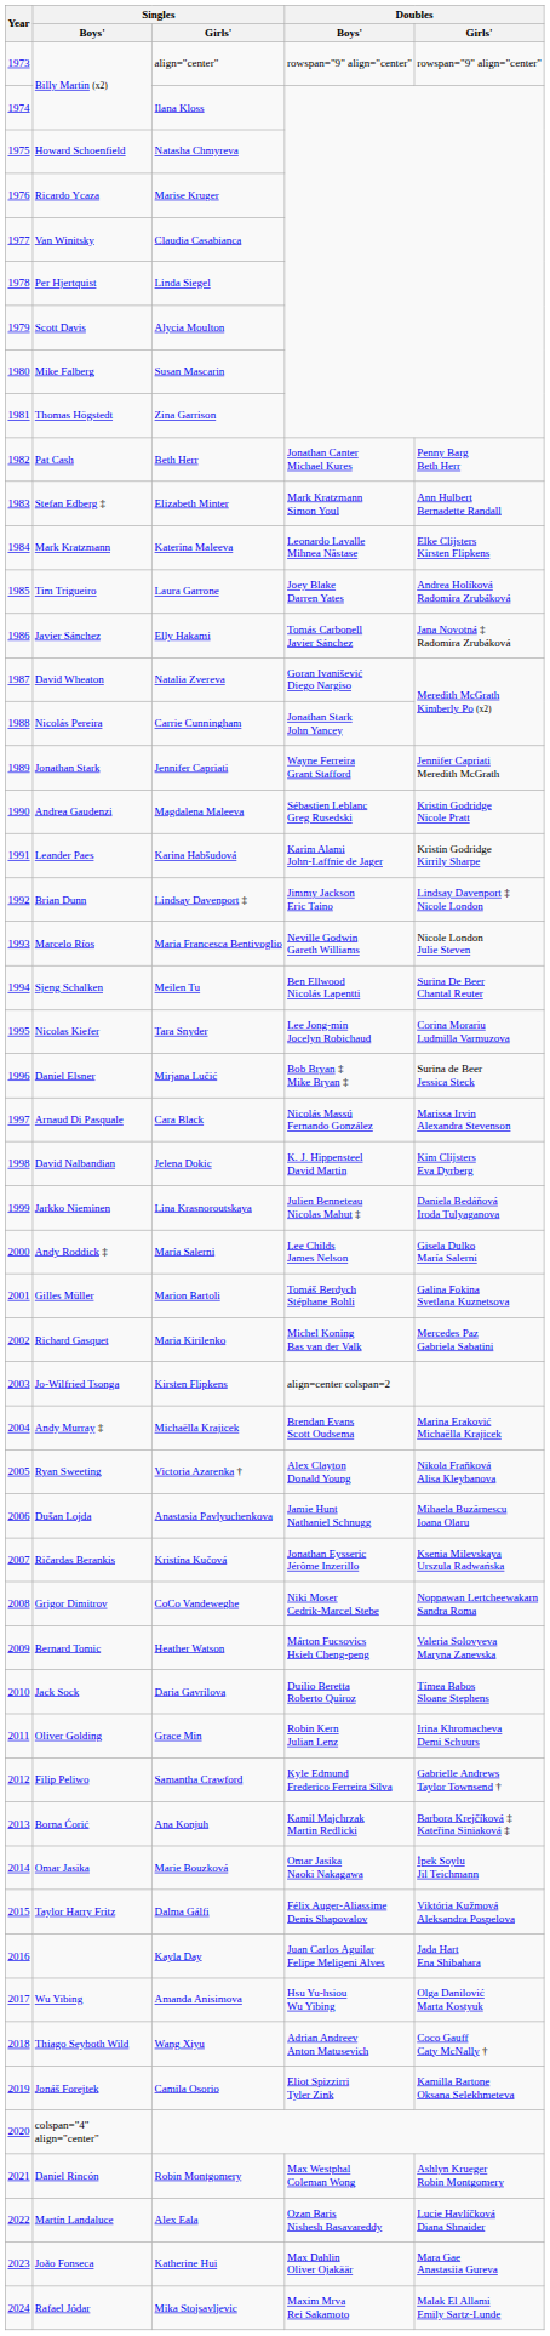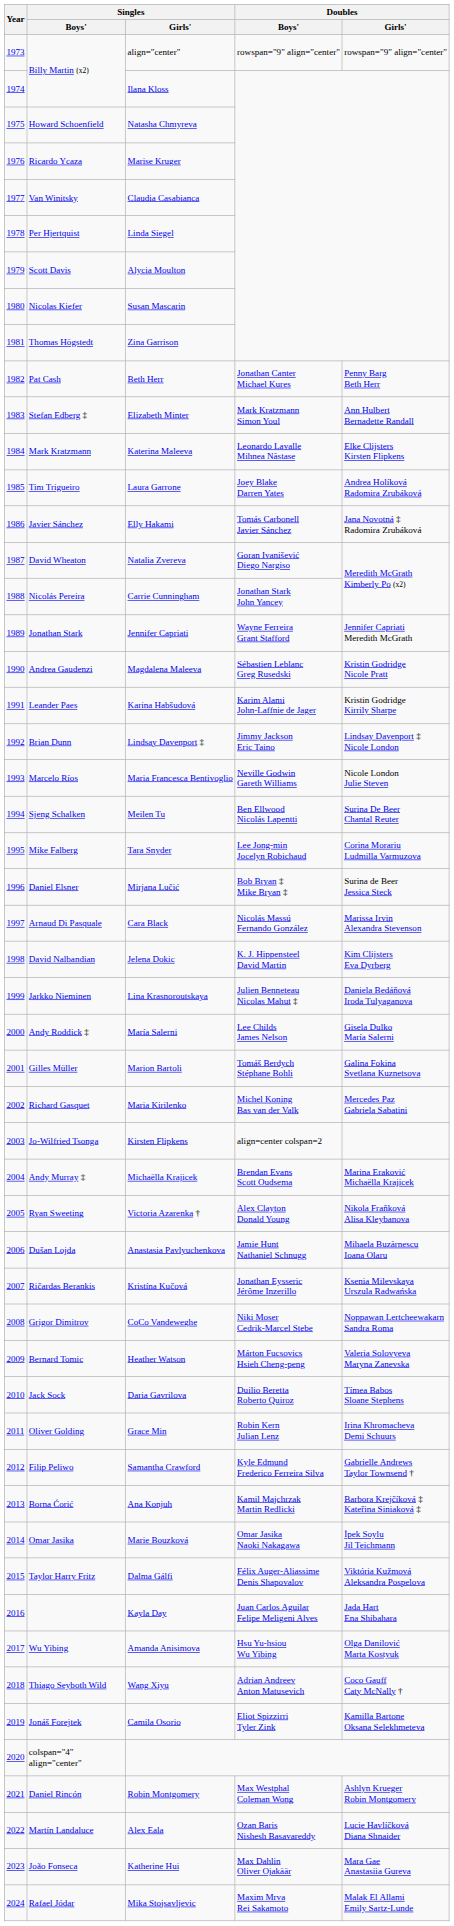 <table class="wikitable" style="font-size: 90%">
 <tr>
 <th rowspan=2>Year</th>
 <th colspan=2>Singles</th>
 <th colspan=2>Doubles</th>
 </tr>
 <tr>
 <th width=150>Boys'</th>
 <th>Girls'</th>
 <th>Boys'</th>
 <th>Girls'</th>
 </tr>
 <tr style=height:4em>
 <td><a href='#'>1973</a></td>
 <td rowspan="2"> <a href='#'>Billy Martin</a> <small>(x2)</small></td>
 <td>align="center" </td>
 <td>rowspan="9" align="center" </td>
 <td>rowspan="9" align="center" </td>
 </tr>
 <tr style=height:4em>
 <td><a href='#'>1974</a></td>
 <td> <a href='#'>Ilana Kloss</a></td>
 </tr>
 <tr style=height:4em>
 <td><a href='#'>1975</a></td>
 <td> <a href='#'>Howard Schoenfield</a></td>
 <td> <a href='#'>Natasha Chmyreva</a></td>
 </tr>
 <tr style=height:4em>
 <td><a href='#'>1976</a></td>
 <td> <a href='#'>Ricardo Ycaza</a></td>
 <td> <a href='#'>Marise Kruger</a></td>
 </tr>
 <tr style=height:4em>
 <td><a href='#'>1977</a></td>
 <td> <a href='#'>Van Winitsky</a></td>
 <td> <a href='#'>Claudia Casabianca</a></td>
 </tr>
 <tr style=height:4em>
 <td><a href='#'>1978</a></td>
 <td> <a href='#'>Per Hjertquist</a></td>
 <td> <a href='#'>Linda Siegel</a></td>
 </tr>
 <tr style=height:4em>
 <td><a href='#'>1979</a></td>
 <td> <a href='#'>Scott Davis</a></td>
 <td> <a href='#'>Alycia Moulton</a></td>
 </tr>
 <tr style=height:4em>
 <td><a href='#'>1980</a></td>
-<td> <a href='#'>Mike Falberg</a></td>
+<td> <a href='#'>Nicolas Kiefer</a></td>
 <td> <a href='#'>Susan Mascarin</a></td>
 </tr>
 <tr style=height:4em>
 <td><a href='#'>1981</a></td>
 <td> <a href='#'>Thomas Högstedt</a></td>
 <td> <a href='#'>Zina Garrison</a></td>
 </tr>
 <tr style=height:4em>
 <td><a href='#'>1982</a></td>
 <td> <a href='#'>Pat Cash</a></td>
 <td> <a href='#'>Beth Herr</a></td>
 <td> <a href='#'>Jonathan Canter</a><br> <a href='#'>Michael Kures</a></td>
 <td> <a href='#'>Penny Barg</a><br> <a href='#'>Beth Herr</a></td>
 </tr>
 <tr style=height:4em>
 <td><a href='#'>1983</a></td>
 <td> <a href='#'>Stefan Edberg</a> ‡</td>
 <td> <a href='#'>Elizabeth Minter</a></td>
 <td> <a href='#'>Mark Kratzmann</a><br> <a href='#'>Simon Youl</a></td>
 <td> <a href='#'>Ann Hulbert</a><br> <a href='#'>Bernadette Randall</a></td>
 </tr>
 <tr style=height:4em>
 <td><a href='#'>1984</a></td>
 <td> <a href='#'>Mark Kratzmann</a></td>
 <td> <a href='#'>Katerina Maleeva</a></td>
 <td> <a href='#'>Leonardo Lavalle</a><br> <a href='#'>Mihnea Năstase</a></td>
 <td> <a href='#'>Elke Clijsters</a><br> <a href='#'>Kirsten Flipkens</a></td>
 </tr>
 <tr style=height:4em>
 <td><a href='#'>1985</a></td>
 <td> <a href='#'>Tim Trigueiro</a></td>
 <td> <a href='#'>Laura Garrone</a></td>
 <td> <a href='#'>Joey Blake</a><br> <a href='#'>Darren Yates</a></td>
 <td> <a href='#'>Andrea Holíková</a><br> <a href='#'>Radomira Zrubáková</a></td>
 </tr>
 <tr style=height:4em>
 <td><a href='#'>1986</a></td>
 <td> <a href='#'>Javier Sánchez</a></td>
 <td> <a href='#'>Elly Hakami</a></td>
 <td> <a href='#'>Tomás Carbonell</a><br> <a href='#'>Javier Sánchez</a></td>
 <td> <a href='#'>Jana Novotná</a> ‡<br> Radomira Zrubáková</td>
 </tr>
 <tr style=height:4em>
 <td><a href='#'>1987</a></td>
 <td> <a href='#'>David Wheaton</a></td>
 <td> <a href='#'>Natalia Zvereva</a></td>
 <td> <a href='#'>Goran Ivanišević</a><br> <a href='#'>Diego Nargiso</a></td>
 <td rowspan=2> <a href='#'>Meredith McGrath</a><br> <a href='#'>Kimberly Po</a> <small>(x2)</small></td>
 </tr>
 <tr style=height:4em>
 <td><a href='#'>1988</a></td>
 <td> <a href='#'>Nicolás Pereira</a></td>
 <td> <a href='#'>Carrie Cunningham</a></td>
 <td> <a href='#'>Jonathan Stark</a><br> <a href='#'>John Yancey</a></td>
 </tr>
 <tr style=height:4em>
 <td><a href='#'>1989</a></td>
 <td> <a href='#'>Jonathan Stark</a></td>
 <td> <a href='#'>Jennifer Capriati</a></td>
 <td> <a href='#'>Wayne Ferreira</a><br> <a href='#'>Grant Stafford</a></td>
 <td> <a href='#'>Jennifer Capriati</a><br> Meredith McGrath</td>
 </tr>
 <tr style=height:4em>
 <td><a href='#'>1990</a></td>
 <td> <a href='#'>Andrea Gaudenzi</a></td>
 <td> <a href='#'>Magdalena Maleeva</a></td>
 <td> <a href='#'>Sébastien Leblanc</a><br> <a href='#'>Greg Rusedski</a></td>
 <td> <a href='#'>Kristin Godridge</a><br> <a href='#'>Nicole Pratt</a></td>
 </tr>
 <tr style=height:4em>
 <td><a href='#'>1991</a></td>
 <td> <a href='#'>Leander Paes</a></td>
 <td> <a href='#'>Karina Habšudová</a></td>
 <td> <a href='#'>Karim Alami</a><br> <a href='#'>John-Laffnie de Jager</a></td>
 <td> Kristin Godridge<br> <a href='#'>Kirrily Sharpe</a></td>
 </tr>
 <tr style=height:4em>
 <td><a href='#'>1992</a></td>
 <td> <a href='#'>Brian Dunn</a></td>
 <td> <a href='#'>Lindsay Davenport</a> ‡</td>
 <td> <a href='#'>Jimmy Jackson</a><br> <a href='#'>Eric Taino</a></td>
 <td> <a href='#'>Lindsay Davenport</a> ‡<br> <a href='#'>Nicole London</a></td>
 </tr>
 <tr style=height:4em>
 <td><a href='#'>1993</a></td>
 <td> <a href='#'>Marcelo Ríos</a></td>
 <td> <a href='#'>Maria Francesca Bentivoglio</a></td>
 <td> <a href='#'>Neville Godwin</a><br> <a href='#'>Gareth Williams</a></td>
 <td> Nicole London<br> <a href='#'>Julie Steven</a></td>
 </tr>
 <tr style=height:4em>
 <td><a href='#'>1994</a></td>
 <td> <a href='#'>Sjeng Schalken</a></td>
 <td> <a href='#'>Meilen Tu</a></td>
 <td> <a href='#'>Ben Ellwood</a><br> <a href='#'>Nicolás Lapentti</a></td>
 <td> <a href='#'>Surina De Beer</a><br> <a href='#'>Chantal Reuter</a></td>
 </tr>
 <tr style=height:4em>
 <td><a href='#'>1995</a></td>
-<td> <a href='#'>Nicolas Kiefer</a></td>
+<td> <a href='#'>Mike Falberg</a></td>
 <td> <a href='#'>Tara Snyder</a></td>
 <td> <a href='#'>Lee Jong-min</a><br> <a href='#'>Jocelyn Robichaud</a></td>
 <td> <a href='#'>Corina Morariu</a><br> <a href='#'>Ludmilla Varmuzova</a></td>
 </tr>
 <tr style=height:4em>
 <td><a href='#'>1996</a></td>
 <td> <a href='#'>Daniel Elsner</a></td>
 <td> <a href='#'>Mirjana Lučić</a></td>
 <td> <a href='#'>Bob Bryan</a> ‡<br> <a href='#'>Mike Bryan</a> ‡</td>
 <td> Surina de Beer<br> <a href='#'>Jessica Steck</a></td>
 </tr>
 <tr style=height:4em>
 <td><a href='#'>1997</a></td>
 <td> <a href='#'>Arnaud Di Pasquale</a></td>
 <td> <a href='#'>Cara Black</a></td>
 <td> <a href='#'>Nicolás Massú</a><br> <a href='#'>Fernando González</a></td>
 <td> <a href='#'>Marissa Irvin</a><br> <a href='#'>Alexandra Stevenson</a></td>
 </tr>
 <tr style=height:4em>
 <td><a href='#'>1998</a></td>
 <td> <a href='#'>David Nalbandian</a></td>
 <td> <a href='#'>Jelena Dokic</a></td>
 <td> <a href='#'>K. J. Hippensteel</a><br> <a href='#'>David Martin</a></td>
 <td> <a href='#'>Kim Clijsters</a><br> <a href='#'>Eva Dyrberg</a></td>
 </tr>
 <tr style=height:4em>
 <td><a href='#'>1999</a></td>
 <td> <a href='#'>Jarkko Nieminen</a></td>
 <td> <a href='#'>Lina Krasnoroutskaya</a></td>
 <td> <a href='#'>Julien Benneteau</a><br> <a href='#'>Nicolas Mahut</a> ‡</td>
 <td> <a href='#'>Daniela Bedáňová</a><br> <a href='#'>Iroda Tulyaganova</a></td>
 </tr>
 <tr style=height:4em>
 <td><a href='#'>2000</a></td>
 <td> <a href='#'>Andy Roddick</a> ‡</td>
 <td> <a href='#'>María Salerni</a></td>
 <td> <a href='#'>Lee Childs</a><br> <a href='#'>James Nelson</a></td>
 <td> <a href='#'>Gisela Dulko</a><br> <a href='#'>María Salerni</a></td>
 </tr>
 <tr style=height:4em>
 <td><a href='#'>2001</a></td>
 <td> <a href='#'>Gilles Müller</a></td>
 <td> <a href='#'>Marion Bartoli</a></td>
 <td> <a href='#'>Tomáš Berdych</a><br> <a href='#'>Stéphane Bohli</a></td>
 <td> <a href='#'>Galina Fokina</a><br> <a href='#'>Svetlana Kuznetsova</a></td>
 </tr>
 <tr style=height:4em>
 <td><a href='#'>2002</a></td>
 <td> <a href='#'>Richard Gasquet</a></td>
 <td> <a href='#'>Maria Kirilenko</a></td>
 <td> <a href='#'>Michel Koning</a><br> <a href='#'>Bas van der Valk</a></td>
 <td> <a href='#'>Mercedes Paz</a><br> <a href='#'>Gabriela Sabatini</a></td>
 </tr>
 <tr style=height:4em>
 <td><a href='#'>2003</a></td>
 <td> <a href='#'>Jo-Wilfried Tsonga</a></td>
 <td> <a href='#'>Kirsten Flipkens</a></td>
 <td>align=center colspan=2</td>
 </tr>
 <tr style=height:4em>
 <td><a href='#'>2004</a></td>
 <td> <a href='#'>Andy Murray</a> ‡</td>
 <td> <a href='#'>Michaëlla Krajicek</a></td>
 <td> <a href='#'>Brendan Evans</a><br> <a href='#'>Scott Oudsema</a></td>
 <td> <a href='#'>Marina Eraković</a><br> <a href='#'>Michaëlla Krajicek</a></td>
 </tr>
 <tr style=height:4em>
 <td><a href='#'>2005</a></td>
 <td> <a href='#'>Ryan Sweeting</a></td>
 <td> <a href='#'>Victoria Azarenka</a> †</td>
 <td> <a href='#'>Alex Clayton</a><br> <a href='#'>Donald Young</a></td>
 <td> <a href='#'>Nikola Fraňková</a><br> <a href='#'>Alisa Kleybanova</a></td>
 </tr>
 <tr style=height:4em>
 <td><a href='#'>2006</a></td>
 <td> <a href='#'>Dušan Lojda</a></td>
 <td> <a href='#'>Anastasia Pavlyuchenkova</a></td>
 <td> <a href='#'>Jamie Hunt</a><br> <a href='#'>Nathaniel Schnugg</a></td>
 <td> <a href='#'>Mihaela Buzărnescu</a><br> <a href='#'>Ioana Olaru</a></td>
 </tr>
 <tr style=height:4em>
 <td><a href='#'>2007</a></td>
 <td> <a href='#'>Ričardas Berankis</a></td>
 <td> <a href='#'>Kristína Kučová</a></td>
 <td> <a href='#'>Jonathan Eysseric</a><br> <a href='#'>Jérôme Inzerillo</a></td>
 <td> <a href='#'>Ksenia Milevskaya</a><br> <a href='#'>Urszula Radwańska</a></td>
 </tr>
 <tr style=height:4em>
 <td><a href='#'>2008</a></td>
 <td> <a href='#'>Grigor Dimitrov</a></td>
 <td> <a href='#'>CoCo Vandeweghe</a></td>
 <td> <a href='#'>Niki Moser</a><br> <a href='#'>Cedrik-Marcel Stebe</a></td>
 <td> <a href='#'>Noppawan Lertcheewakarn</a><br> <a href='#'>Sandra Roma</a></td>
 </tr>
 <tr style=height:4em>
 <td><a href='#'>2009</a></td>
 <td> <a href='#'>Bernard Tomic</a></td>
 <td> <a href='#'>Heather Watson</a></td>
 <td> <a href='#'>Márton Fucsovics</a><br> <a href='#'>Hsieh Cheng-peng</a></td>
 <td> <a href='#'>Valeria Solovyeva</a><br> <a href='#'>Maryna Zanevska</a></td>
 </tr>
 <tr style=height:4em>
 <td><a href='#'>2010</a></td>
 <td> <a href='#'>Jack Sock</a></td>
 <td> <a href='#'>Daria Gavrilova</a></td>
 <td> <a href='#'>Duilio Beretta</a><br> <a href='#'>Roberto Quiroz</a></td>
 <td> <a href='#'>Tímea Babos</a><br> <a href='#'>Sloane Stephens</a></td>
 </tr>
 <tr style=height:4em>
 <td><a href='#'>2011</a></td>
 <td> <a href='#'>Oliver Golding</a></td>
 <td> <a href='#'>Grace Min</a></td>
 <td> <a href='#'>Robin Kern</a><br> <a href='#'>Julian Lenz</a></td>
 <td> <a href='#'>Irina Khromacheva</a><br> <a href='#'>Demi Schuurs</a></td>
 </tr>
 <tr style=height:4em>
 <td><a href='#'>2012</a></td>
 <td> <a href='#'>Filip Peliwo</a></td>
 <td> <a href='#'>Samantha Crawford</a></td>
 <td> <a href='#'>Kyle Edmund</a><br> <a href='#'>Frederico Ferreira Silva</a></td>
 <td> <a href='#'>Gabrielle Andrews</a><br> <a href='#'>Taylor Townsend</a> †</td>
 </tr>
 <tr style=height:4em>
 <td><a href='#'>2013</a></td>
 <td> <a href='#'>Borna Ćorić</a></td>
 <td> <a href='#'>Ana Konjuh</a></td>
 <td> <a href='#'>Kamil Majchrzak</a><br> <a href='#'>Martin Redlicki</a></td>
 <td> <a href='#'>Barbora Krejčíková</a> ‡<br> <a href='#'>Kateřina Siniaková</a> ‡</td>
 </tr>
 <tr style=height:4em>
 <td><a href='#'>2014</a></td>
 <td> <a href='#'>Omar Jasika</a></td>
 <td> <a href='#'>Marie Bouzková</a></td>
 <td> <a href='#'>Omar Jasika</a><br> <a href='#'>Naoki Nakagawa</a></td>
 <td> <a href='#'>İpek Soylu</a><br> <a href='#'>Jil Teichmann</a></td>
 </tr>
 <tr style=height:4em>
 <td><a href='#'>2015</a></td>
 <td> <a href='#'>Taylor Harry Fritz</a></td>
 <td> <a href='#'>Dalma Gálfi</a></td>
 <td> <a href='#'>Félix Auger-Aliassime</a><br> <a href='#'>Denis Shapovalov</a></td>
 <td> <a href='#'>Viktória Kužmová</a><br> <a href='#'>Aleksandra Pospelova</a></td>
 </tr>
 <tr style=height:4em>
 <td><a href='#'>2016</a></td>
 <td></td>
 <td> <a href='#'>Kayla Day</a></td>
 <td> <a href='#'>Juan Carlos Aguilar</a><br> <a href='#'>Felipe Meligeni Alves</a></td>
 <td> <a href='#'>Jada Hart</a><br> <a href='#'>Ena Shibahara</a></td>
 </tr>
 <tr style=height:4em>
 <td><a href='#'>2017</a></td>
 <td> <a href='#'>Wu Yibing</a></td>
 <td> <a href='#'>Amanda Anisimova</a></td>
 <td> <a href='#'>Hsu Yu-hsiou</a><br> <a href='#'>Wu Yibing</a></td>
 <td> <a href='#'>Olga Danilović</a><br> <a href='#'>Marta Kostyuk</a></td>
 </tr>
 <tr style=height:4em>
 <td><a href='#'>2018</a></td>
 <td> <a href='#'>Thiago Seyboth Wild</a></td>
 <td> <a href='#'>Wang Xiyu</a></td>
 <td> <a href='#'>Adrian Andreev</a><br> <a href='#'>Anton Matusevich</a></td>
 <td> <a href='#'>Coco Gauff</a><br> <a href='#'>Caty McNally</a> †</td>
 </tr>
 <tr style=height:4em>
 <td><a href='#'>2019</a></td>
 <td> <a href='#'>Jonáš Forejtek</a></td>
 <td> <a href='#'>Camila Osorio</a></td>
 <td> <a href='#'>Eliot Spizzirri</a><br> <a href='#'>Tyler Zink</a></td>
 <td> <a href='#'>Kamilla Bartone</a><br> <a href='#'>Oksana Selekhmeteva</a></td>
 </tr>
 <tr style=height:4em>
 <td><a href='#'>2020</a></td>
 <td>colspan="4" align="center" </td>
 </tr>
 <tr style=height:4em>
 <td><a href='#'>2021</a></td>
 <td> <a href='#'>Daniel Rincón</a></td>
 <td> <a href='#'>Robin Montgomery</a></td>
 <td> <a href='#'>Max Westphal</a><br> <a href='#'>Coleman Wong</a></td>
 <td> <a href='#'>Ashlyn Krueger</a><br> <a href='#'>Robin Montgomery</a></td>
 </tr>
 <tr style=height:4em>
 <td><a href='#'>2022</a></td>
 <td> <a href='#'>Martín Landaluce</a></td>
 <td> <a href='#'>Alex Eala</a></td>
 <td> <a href='#'>Ozan Baris</a> <br> <a href='#'>Nishesh Basavareddy</a></td>
 <td> <a href='#'>Lucie Havlíčková</a> <br> <a href='#'>Diana Shnaider</a></td>
 </tr>
 <tr style=height:4em>
 <td><a href='#'>2023</a></td>
 <td> <a href='#'>João Fonseca</a></td>
 <td> <a href='#'>Katherine Hui</a></td>
 <td> <a href='#'>Max Dahlin</a> <br> <a href='#'>Oliver Ojakäär</a></td>
 <td> <a href='#'>Mara Gae</a> <br> <a href='#'>Anastasiia Gureva</a></td>
 </tr>
 <tr style=height:4em>
 <td><a href='#'>2024</a></td>
 <td> <a href='#'>Rafael Jódar</a></td>
 <td> <a href='#'>Mika Stojsavljevic</a></td>
 <td> <a href='#'>Maxim Mrva</a> <br> <a href='#'>Rei Sakamoto</a></td>
 <td> <a href='#'>Malak El Allami</a> <br> <a href='#'>Emily Sartz-Lunde</a></td>
 </tr>
 </table>
